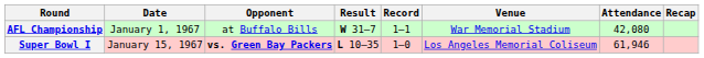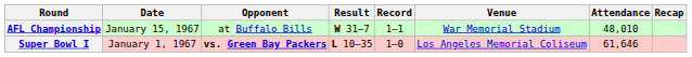 <table class="wikitable" style="text-align:center">
 <tr>
 <th>Round</th>
 <th>Date</th>
 <th>Opponent</th>
 <th>Result</th>
 <th>Record</th>
 <th>Venue</th>
 <th>Attendance</th>
 <th>Recap</th>
 </tr>
 <tr style="background:#cfc">
 <th><a href='#'>AFL Championship</a></th>
-<td>January 1, 1967</td>
+<td>January 15, 1967</td>
 <td>at <a href='#'>Buffalo Bills</a></td>
 <td><strong>W</strong> 31–7</td>
 <td>1–1</td>
 <td><a href='#'>War Memorial Stadium</a></td>
-<td>42,080</td>
+<td>48,010</td>
 <td></td>
 </tr>
 <tr style="background:#fcc">
 <th><a href='#'>Super Bowl I</a></th>
-<td>January 15, 1967</td>
+<td>January 1, 1967</td>
 <td><strong>vs. <a href='#'>Green Bay Packers</a></strong></td>
 <td><strong>L</strong> 10–35</td>
 <td>1–0</td>
 <td><a href='#'>Los Angeles Memorial Coliseum</a></td>
-<td>61,946</td>
+<td>61,646</td>
 <td></td>
 </tr>
 </table>
